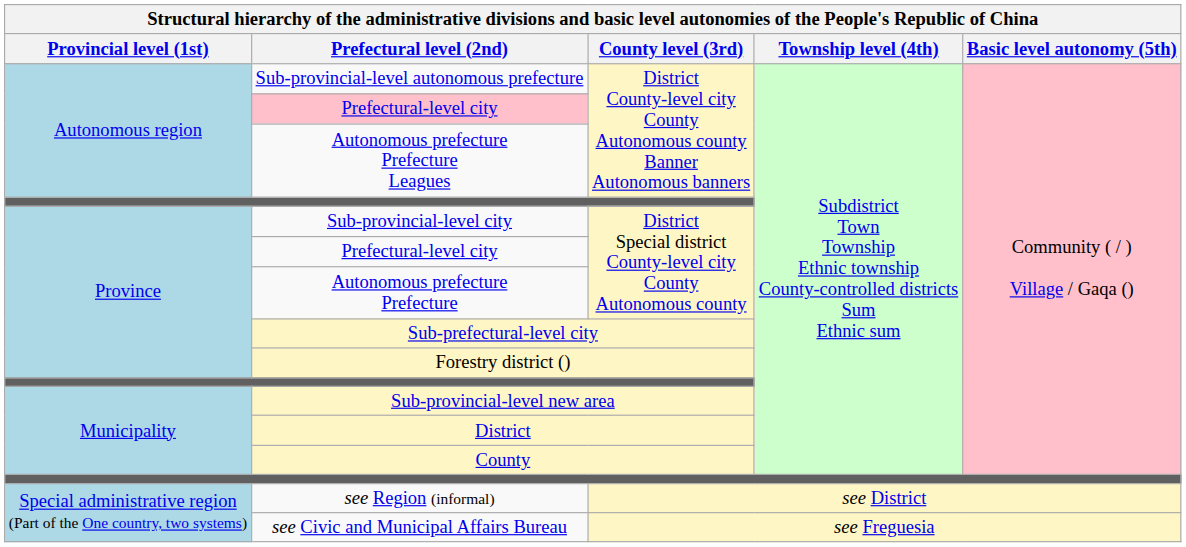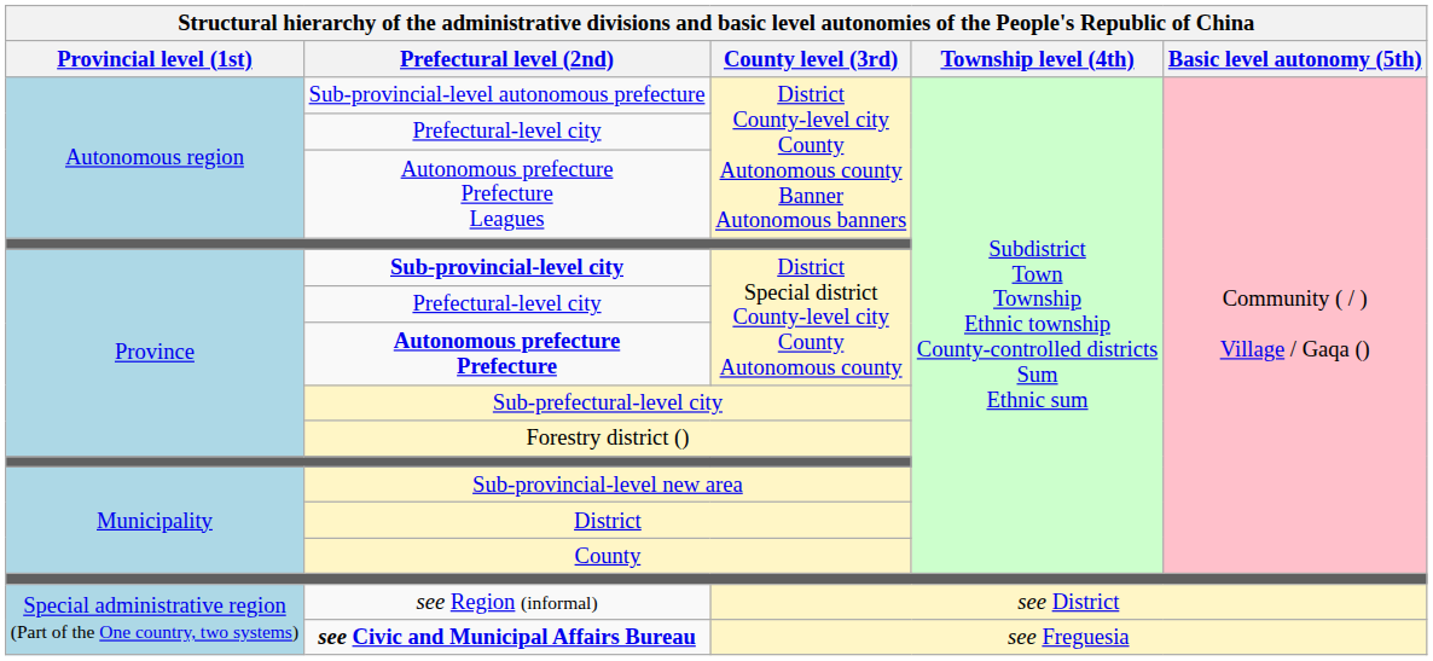 <table class="wikitable" style="text-align:center;">
 <tr>
 <th bgcolor=lightblue colspan=5>Structural hierarchy of the administrative divisions and basic level autonomies of the People's Republic of China</th>
 </tr>
 <tr>
 <th><a href='#'>Provincial level (1st)</a> </th>
 <th><a href='#'>Prefectural level (2nd)</a> </th>
 <th><a href='#'>County level (3rd)</a> </th>
 <th><a href='#'>Township level (4th)</a> </th>
 <th><a href='#'>Basic level autonomy (5th)</a> </th>
 </tr>
 <tr>
 <td rowspan="3" bgcolor="lightblue"><a href='#'>Autonomous region</a></td>
 <td><a href='#'>Sub-provincial-level autonomous prefecture</a></td>
 <td rowspan="3" bgcolor="#FFF6C6"><a href='#'>District</a><br><a href='#'>County-level city</a><br><a href='#'>County</a><br><a href='#'>Autonomous county</a><br><a href='#'>Banner</a><br><a href='#'>Autonomous banners</a></td>
 <td rowspan="14" bgcolor="#CCFFCC"><a href='#'>Subdistrict</a><br><a href='#'>Town</a><br><a href='#'>Township</a><br><a href='#'>Ethnic township</a><br><a href='#'>County-controlled districts</a><br><a href='#'>Sum</a><br><a href='#'>Ethnic sum</a></td>
 <td rowspan="14" bgcolor="#FFC0CB">Community ( / )<br><br><a href='#'>Village</a> / Gaqa ()<br></td>
 </tr>
 <tr>
-<td style="background: pink;"><a href='#'>Prefectural-level city</a></td>
+<td><a href='#'>Prefectural-level city</a></td>
 </tr>
 <tr>
 <td><a href='#'>Autonomous prefecture</a><br><a href='#'>Prefecture</a><br><a href='#'>Leagues</a></td>
 </tr>
 <tr style = "background:#606060; height: 2pt">
 <td colspan = "3"></td>
 </tr>
 <tr>
 <td rowspan="6" bgcolor="lightblue"><a href='#'>Province</a></td>
 </tr>
 <tr>
-<td><a href='#'>Sub-provincial-level city</a></td>
+<td><strong><a href='#'>Sub-provincial-level city</a></strong></td>
 <td rowspan="3" bgcolor="#FFF6C6"><a href='#'>District</a><br>Special district<br><a href='#'>County-level city</a><br><a href='#'>County</a><br><a href='#'>Autonomous county</a></td>
 </tr>
 <tr>
 <td><a href='#'>Prefectural-level city</a></td>
 </tr>
 <tr>
-<td><a href='#'>Autonomous prefecture</a><br><a href='#'>Prefecture</a></td>
+<td><strong><a href='#'>Autonomous prefecture</a><br><a href='#'>Prefecture</a></strong></td>
 </tr>
 <tr>
 <td colspan="2" bgcolor="#FFF6C6"><a href='#'>Sub-prefectural-level city</a></td>
 </tr>
 <tr>
 <td colspan="2" bgcolor="#FFF6C6">Forestry district ()</td>
 </tr>
 <tr style = "background:#606060; height: 2pt">
 <td colspan = "3"></td>
 </tr>
 <tr>
 <td rowspan="3" bgcolor="lightblue"><a href='#'>Municipality</a></td>
 <td colspan="2" bgcolor="#FFF6C6"><a href='#'>Sub-provincial-level new area</a></td>
 </tr>
 <tr>
 <td colspan="2" bgcolor="#FFF6C6"><a href='#'>District</a></td>
 </tr>
 <tr>
 <td colspan="2" bgcolor="#FFF6C6"><a href='#'>County</a></td>
 </tr>
 <tr style = "background:#606060; height: 2pt">
 <td colspan = "5"></td>
 </tr>
 <tr>
 <td rowspan="2" bgcolor="lightblue"><a href='#'>Special administrative region</a><br><small>(Part of the <a href='#'>One country, two systems</a>)</small></td>
 <td colspan="1"><em>see</em> <a href='#'>Region</a> <small>(informal)</small></td>
 <td colspan="3" bgcolor="#FFF6C6"><em>see</em> <a href='#'>District</a></td>
 </tr>
 <tr>
-<td colspan="1"><em>see</em> <a href='#'>Civic and Municipal Affairs Bureau</a><br></td>
+<td colspan="1"><strong><em>see</em> <a href='#'>Civic and Municipal Affairs Bureau</a><br></strong></td>
 <td colspan="3" bgcolor="#FFF6C6"><em>see</em> <a href='#'>Freguesia</a></td>
 </tr>
 </table>
